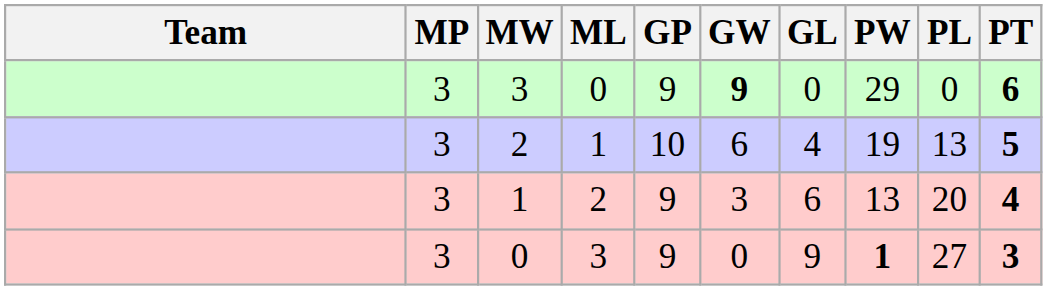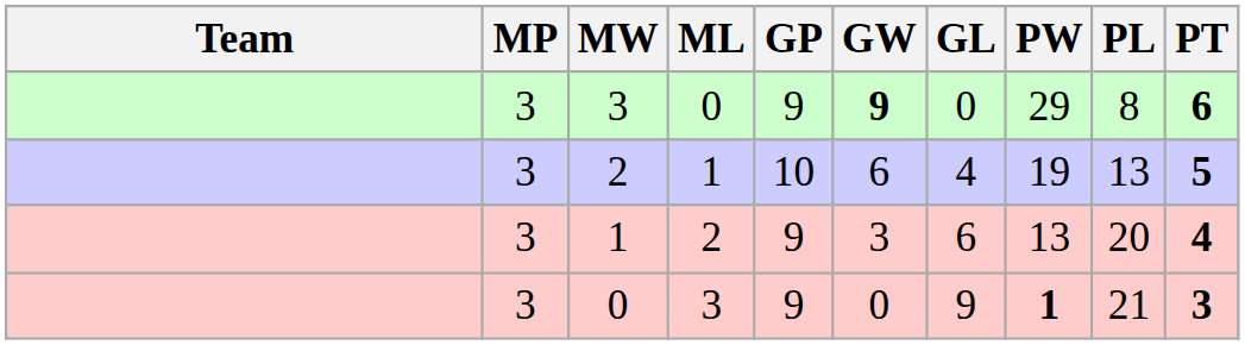 <table class=wikitable style="text-align:center">
 <tr>
 <th width=175>Team</th>
 <th width=20>MP</th>
 <th width=20>MW</th>
 <th width=20>ML</th>
 <th width=20>GP</th>
 <th width=20>GW</th>
 <th width=20>GL</th>
 <th width=20>PW</th>
 <th width=20>PL</th>
 <th width=20>PT</th>
 </tr>
 <tr style="background-color:#ccffcc;">
 <td style="text-align:left;"></td>
 <td>3</td>
 <td>3</td>
 <td>0</td>
 <td>9</td>
 <td><strong>9</strong></td>
 <td>0</td>
 <td>29</td>
-<td>0</td>
+<td>8</td>
 <td><strong>6</strong></td>
 </tr>
 <tr style="background-color:#ccccff;">
 <td style="text-align:left;"></td>
 <td>3</td>
 <td>2</td>
 <td>1</td>
 <td>10</td>
 <td>6</td>
 <td>4</td>
 <td>19</td>
 <td>13</td>
 <td><strong>5</strong></td>
 </tr>
 <tr style="background-color:#ffcccc;">
 <td style="text-align:left;"></td>
 <td>3</td>
 <td>1</td>
 <td>2</td>
 <td>9</td>
 <td>3</td>
 <td>6</td>
 <td>13</td>
 <td>20</td>
 <td><strong>4</strong></td>
 </tr>
 <tr style="background-color:#ffcccc;">
 <td style="text-align:left;"></td>
 <td>3</td>
 <td>0</td>
 <td>3</td>
 <td>9</td>
 <td>0</td>
 <td>9</td>
 <td><strong>1</strong></td>
-<td>27</td>
+<td>21</td>
 <td><strong>3</strong></td>
 </tr>
 </table>
